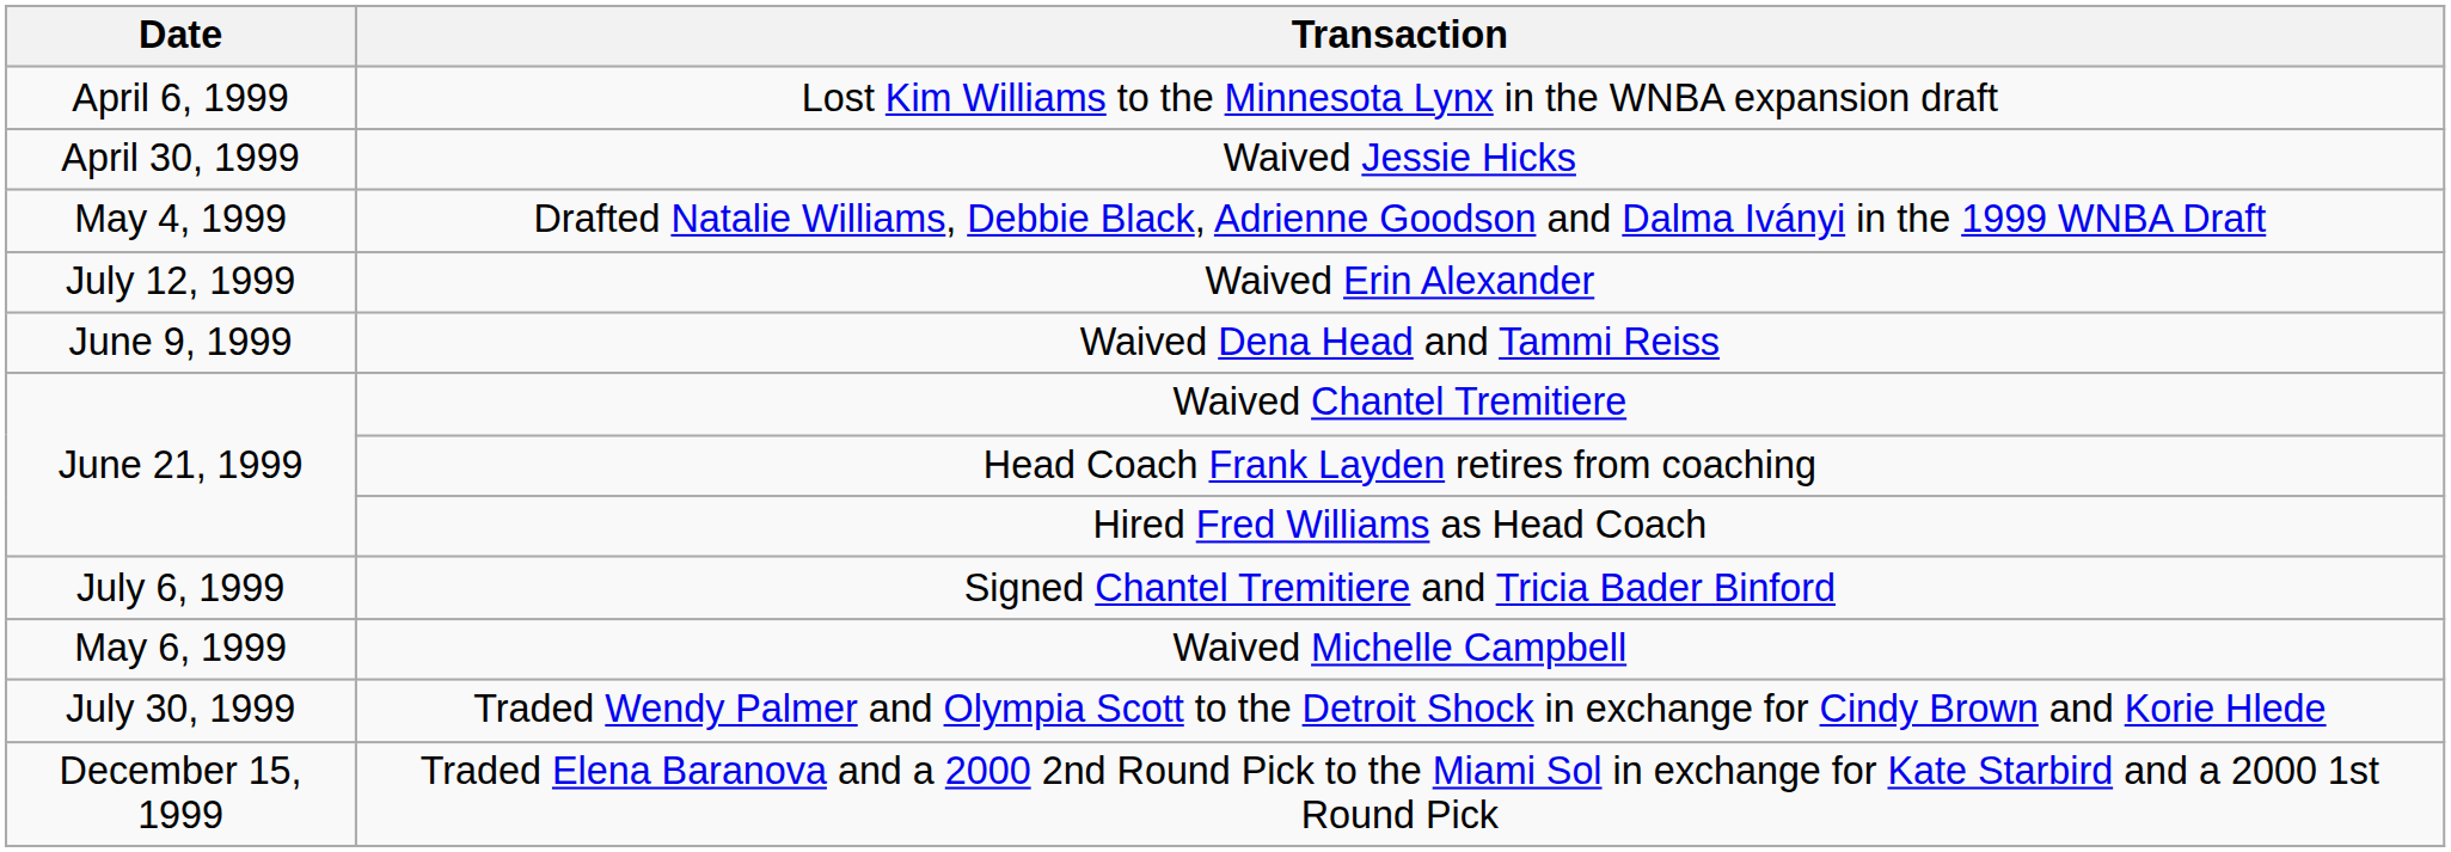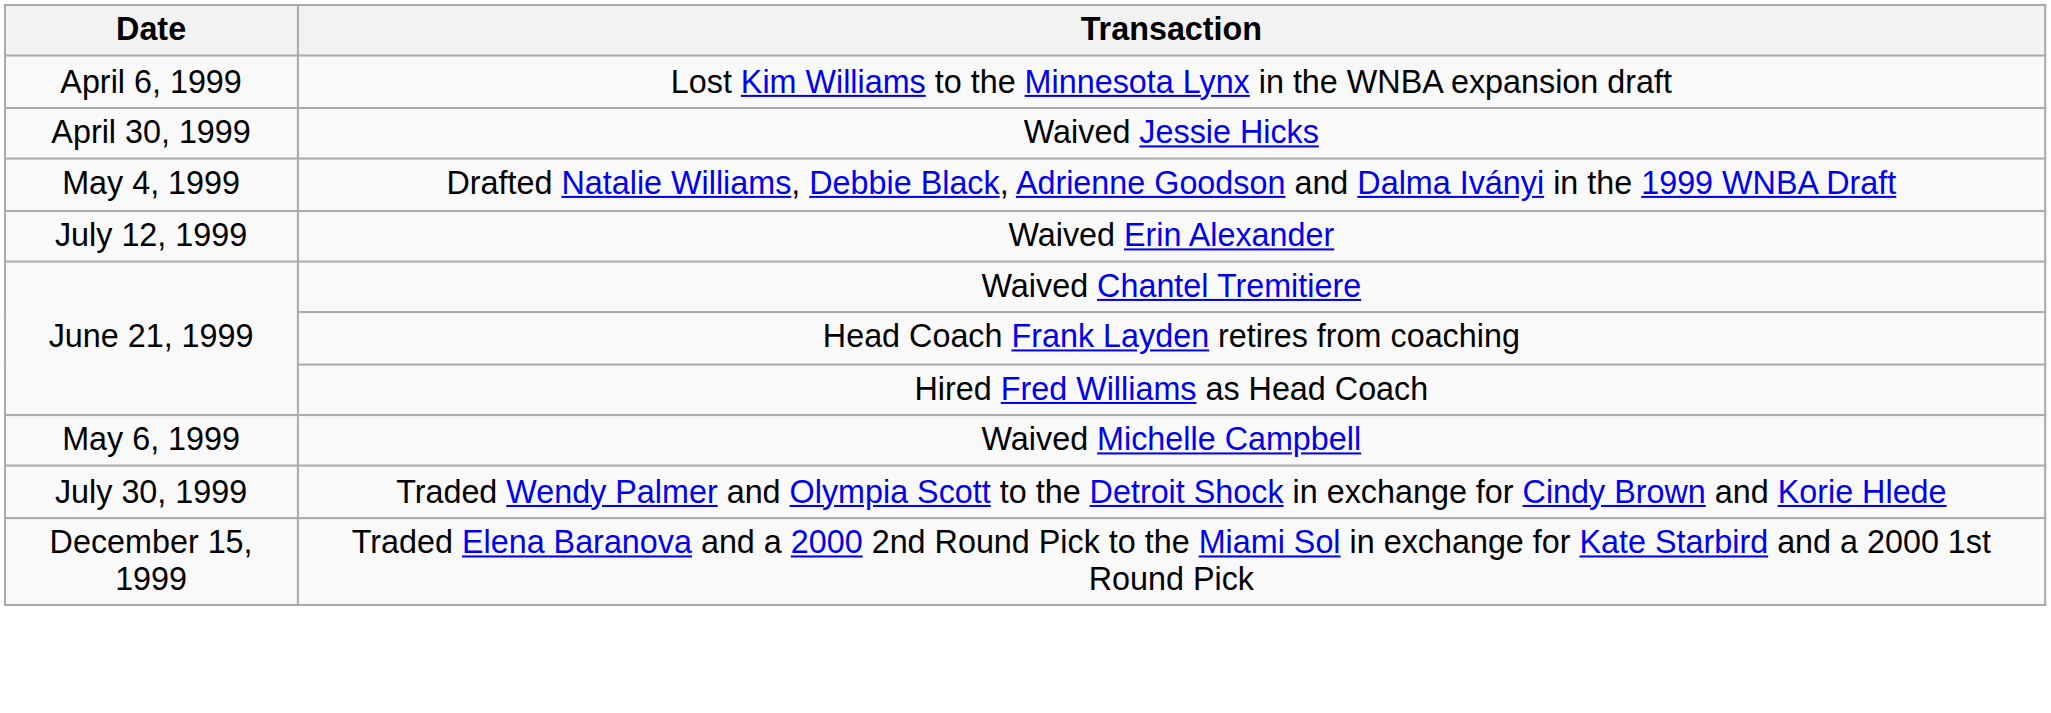 <table class="wikitable" style="width:80%; text-align: center;">
 <tr>
 <th>Date</th>
 <th>Transaction</th>
 </tr>
 <tr>
 <td>April 6, 1999</td>
 <td>Lost <a href='#'>Kim Williams</a> to the <a href='#'>Minnesota Lynx</a> in the WNBA expansion draft</td>
 </tr>
 <tr>
 <td>April 30, 1999</td>
 <td>Waived <a href='#'>Jessie Hicks</a></td>
 </tr>
 <tr>
 <td>May 4, 1999</td>
 <td>Drafted <a href='#'>Natalie Williams</a>, <a href='#'>Debbie Black</a>, <a href='#'>Adrienne Goodson</a> and <a href='#'>Dalma Iványi</a> in the <a href='#'>1999 WNBA Draft</a></td>
 </tr>
 <tr>
 <td>July 12, 1999</td>
 <td>Waived <a href='#'>Erin Alexander</a></td>
 </tr>
 <tr>
-<td>June 9, 1999</td>
-<td>Waived <a href='#'>Dena Head</a> and <a href='#'>Tammi Reiss</a></td>
-</tr>
-<tr>
 <td rowspan="3">June 21, 1999</td>
 <td>Waived <a href='#'>Chantel Tremitiere</a></td>
 </tr>
 <tr>
 <td>Head Coach <a href='#'>Frank Layden</a> retires from coaching</td>
 </tr>
 <tr>
 <td>Hired <a href='#'>Fred Williams</a> as Head Coach</td>
-</tr>
-<tr>
-<td>July 6, 1999</td>
-<td>Signed <a href='#'>Chantel Tremitiere</a> and <a href='#'>Tricia Bader Binford</a></td>
 </tr>
 <tr>
 <td>May 6, 1999</td>
 <td>Waived <a href='#'>Michelle Campbell</a></td>
 </tr>
 <tr>
 <td>July 30, 1999</td>
 <td>Traded <a href='#'>Wendy Palmer</a> and <a href='#'>Olympia Scott</a> to the <a href='#'>Detroit Shock</a> in exchange for <a href='#'>Cindy Brown</a> and <a href='#'>Korie Hlede</a></td>
 </tr>
 <tr>
 <td>December 15, 1999</td>
 <td>Traded <a href='#'>Elena Baranova</a> and a <a href='#'>2000</a> 2nd Round Pick to the <a href='#'>Miami Sol</a> in exchange for <a href='#'>Kate Starbird</a> and a 2000 1st Round Pick</td>
 </tr>
 </table>
